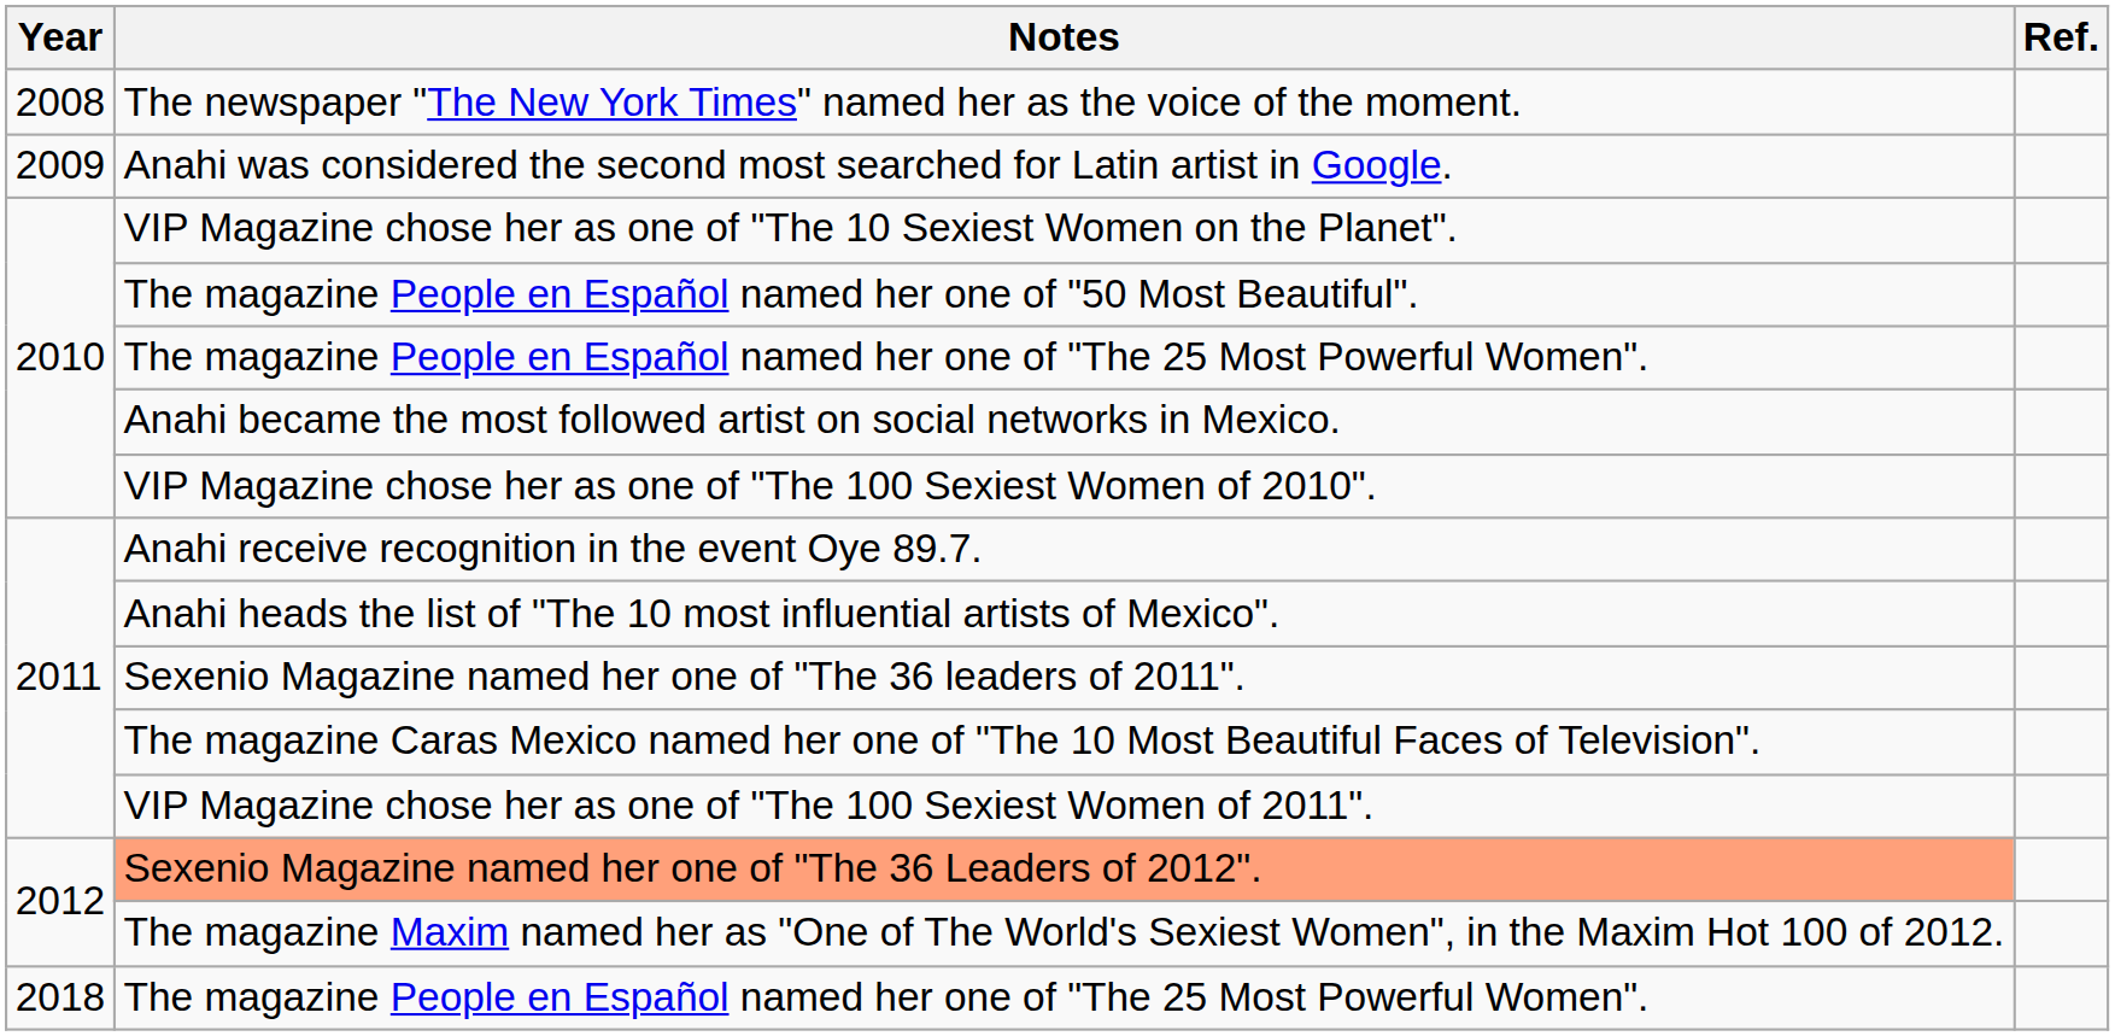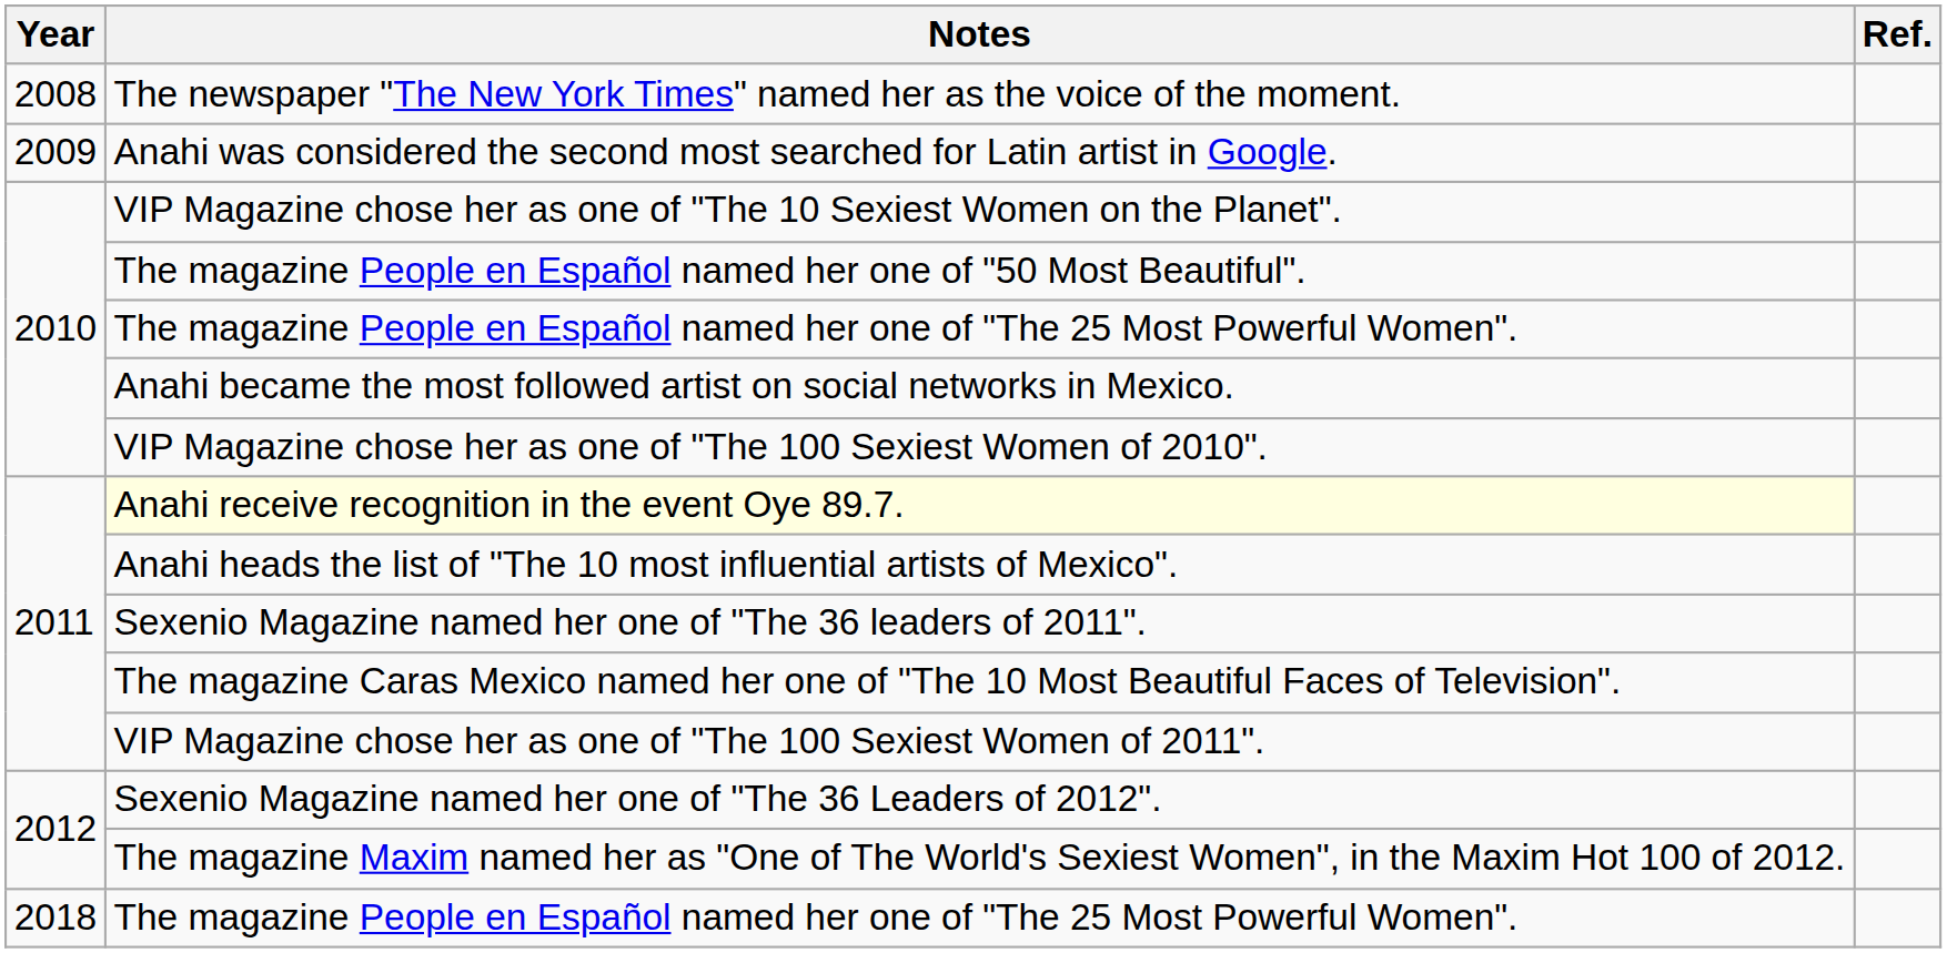 <table class="wikitable">
 <tr>
 <th>Year</th>
 <th>Notes</th>
 <th>Ref.</th>
 </tr>
 <tr>
 <td>2008</td>
 <td>The newspaper "<a href='#'>The New York Times</a>" named her as the voice of the moment.</td>
 <td></td>
 </tr>
 <tr>
 <td>2009</td>
 <td>Anahi was considered the second most searched for Latin artist in <a href='#'>Google</a>.</td>
 <td></td>
 </tr>
 <tr>
 <td rowspan="5">2010</td>
 <td>VIP Magazine chose her as one of "The 10 Sexiest Women on the Planet".</td>
 <td></td>
 </tr>
 <tr>
 <td>The magazine <a href='#'>People en Español</a> named her one of "50 Most Beautiful".</td>
 <td></td>
 </tr>
 <tr>
 <td>The magazine <a href='#'>People en Español</a> named her one of "The 25 Most Powerful Women".</td>
 <td></td>
 </tr>
 <tr>
 <td>Anahi became the most followed artist on social networks in Mexico.</td>
 <td></td>
 </tr>
 <tr>
 <td>VIP Magazine chose her as one of "The 100 Sexiest Women of 2010".</td>
 <td></td>
 </tr>
 <tr>
 <td rowspan="5">2011</td>
-<td>Anahi receive recognition in the event Oye 89.7.</td>
+<td style="background: lightyellow;">Anahi receive recognition in the event Oye 89.7.</td>
 <td></td>
 </tr>
 <tr>
 <td>Anahi heads the list of "The 10 most influential artists of Mexico".</td>
 <td></td>
 </tr>
 <tr>
 <td>Sexenio Magazine named her one of "The 36 leaders of 2011".</td>
 <td></td>
 </tr>
 <tr>
 <td>The magazine Caras Mexico named her one of "The 10 Most Beautiful Faces of Television".</td>
 <td></td>
 </tr>
 <tr>
 <td>VIP Magazine chose her as one of "The 100 Sexiest Women of 2011".</td>
 <td></td>
 </tr>
 <tr>
 <td rowspan="2">2012</td>
-<td style="background: lightsalmon;">Sexenio Magazine named her one of "The 36 Leaders of 2012".</td>
+<td>Sexenio Magazine named her one of "The 36 Leaders of 2012".</td>
 <td></td>
 </tr>
 <tr>
 <td>The magazine <a href='#'>Maxim</a> named her as "One of The World's Sexiest Women", in the Maxim Hot 100 of 2012.</td>
 <td></td>
 </tr>
 <tr>
 <td>2018</td>
 <td>The magazine <a href='#'>People en Español</a> named her one of "The 25 Most Powerful Women".</td>
 <td></td>
 </tr>
 </table>
